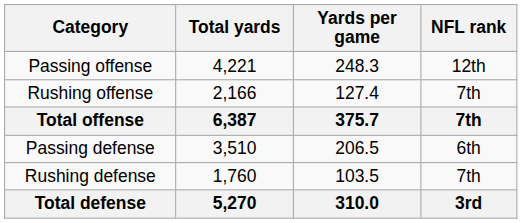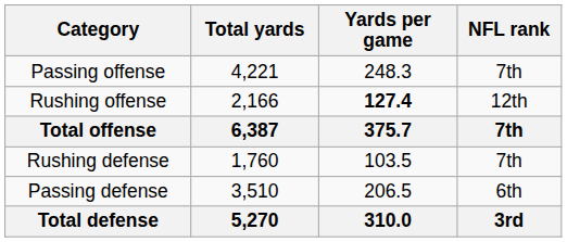 <table class="wikitable" style="text-align:center">
 <tr>
 <th width="150">Category</th>
 <th width="100">Total yards</th>
 <th width="110">Yards per game</th>
 <th width="80">NFL rank<br></th>
 </tr>
 <tr>
 <td>Passing offense</td>
 <td>4,221</td>
 <td>248.3</td>
-<td>12th</td>
+<td>7th</td>
 </tr>
 <tr>
 <td>Rushing offense</td>
 <td>2,166</td>
-<td>127.4</td>
-<td>7th</td>
+<td><strong>127.4</strong></td>
+<td>12th</td>
 </tr>
 <tr>
 <th>Total offense</th>
 <th>6,387</th>
 <th>375.7</th>
 <th>7th</th>
 </tr>
 <tr>
+<td>Rushing defense</td>
+<td>1,760</td>
+<td>103.5</td>
+<td>7th</td>
+</tr>
+<tr>
 <td>Passing defense</td>
 <td>3,510</td>
 <td>206.5</td>
 <td>6th</td>
-</tr>
-<tr>
-<td>Rushing defense</td>
-<td>1,760</td>
-<td>103.5</td>
-<td>7th</td>
 </tr>
 <tr>
 <th>Total defense</th>
 <th>5,270</th>
 <th>310.0</th>
 <th>3rd</th>
 </tr>
 </table>
